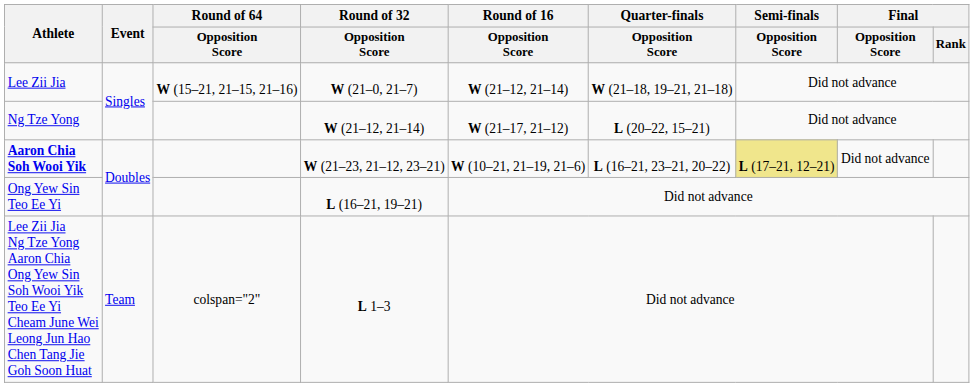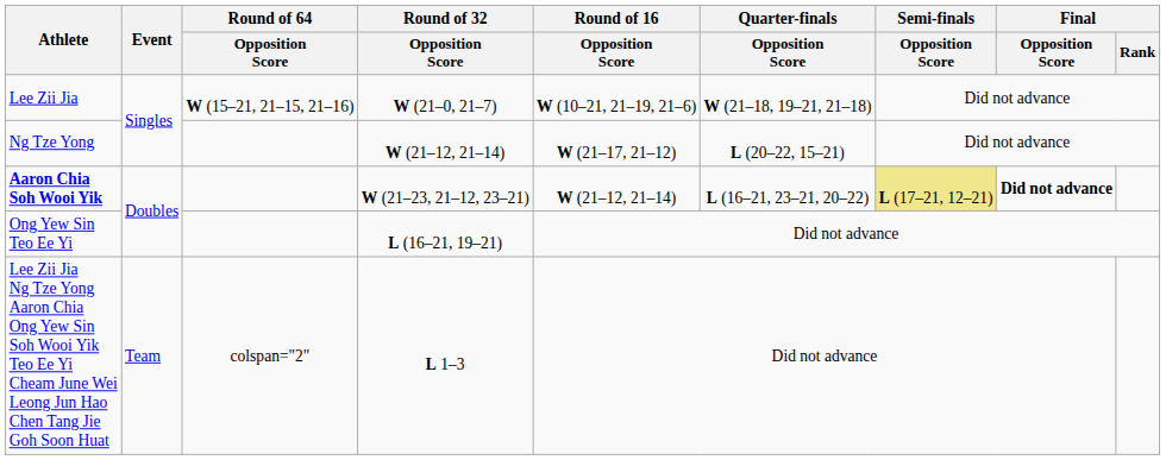 <table class="wikitable" style="font-size:90%;text-align:center">
 <tr>
 <th rowspan="2">Athlete</th>
 <th rowspan="2">Event</th>
 <th>Round of 64</th>
 <th>Round of 32</th>
 <th>Round of 16</th>
 <th>Quarter-finals</th>
 <th>Semi-finals</th>
 <th colspan="2">Final</th>
 </tr>
 <tr style="font-size:95%">
 <th>Opposition<br>Score</th>
 <th>Opposition<br>Score</th>
 <th>Opposition<br>Score</th>
 <th>Opposition<br>Score</th>
 <th>Opposition<br>Score</th>
 <th>Opposition<br>Score</th>
 <th>Rank</th>
 </tr>
 <tr>
 <td align="left"><a href='#'>Lee Zii Jia</a></td>
 <td align="left" rowspan="2"><a href='#'>Singles</a></td>
 <td><br><strong>W</strong> (15–21, 21–15, 21–16)</td>
 <td><br><strong>W</strong> (21–0, 21–7)</td>
-<td><br><strong>W</strong> (21–12, 21–14)</td>
+<td><br><strong>W</strong> (10–21, 21–19, 21–6)</td>
 <td><br><strong>W</strong> (21–18, 19–21, 21–18)</td>
 <td colspan="3">Did not advance</td>
 </tr>
 <tr>
 <td align="left"><a href='#'>Ng Tze Yong</a></td>
 <td></td>
 <td><br><strong>W</strong> (21–12, 21–14)</td>
 <td><br><strong>W</strong> (21–17, 21–12)</td>
 <td><br><strong>L</strong> (20–22, 15–21)</td>
 <td colspan="3">Did not advance</td>
 </tr>
 <tr>
 <td align="left"><strong><a href='#'>Aaron Chia</a><br><a href='#'>Soh Wooi Yik</a></strong></td>
 <td align="left" rowspan="2"><a href='#'>Doubles</a></td>
 <td></td>
 <td><br><strong>W</strong> (21–23, 21–12, 23–21)</td>
-<td><br><strong>W</strong> (10–21, 21–19, 21–6)</td>
+<td><br><strong>W</strong> (21–12, 21–14)</td>
 <td><br><strong>L</strong> (16–21, 23–21, 20–22)</td>
 <td style="background: khaki;"><br><strong>L</strong> (17–21, 12–21)</td>
-<td>Did not advance</td>
+<td><strong>Did not advance</strong></td>
 <td></td>
 </tr>
 <tr>
 <td align="left"><a href='#'>Ong Yew Sin</a><br><a href='#'>Teo Ee Yi</a></td>
 <td></td>
 <td><br><strong>L</strong> (16–21, 19–21)</td>
 <td colspan="5">Did not advance</td>
 </tr>
 <tr>
 <td align="left"><a href='#'>Lee Zii Jia</a><br><a href='#'>Ng Tze Yong</a><br><a href='#'>Aaron Chia</a><br><a href='#'>Ong Yew Sin</a><br><a href='#'>Soh Wooi Yik</a><br><a href='#'>Teo Ee Yi</a><br><a href='#'>Cheam June Wei</a><br><a href='#'>Leong Jun Hao</a><br><a href='#'>Chen Tang Jie</a><br><a href='#'>Goh Soon Huat</a></td>
 <td align="left"><a href='#'>Team</a></td>
 <td>colspan="2" </td>
 <td><br> <strong>L</strong> 1–3</td>
 <td colspan="4">Did not advance</td>
 </tr>
 </table>
